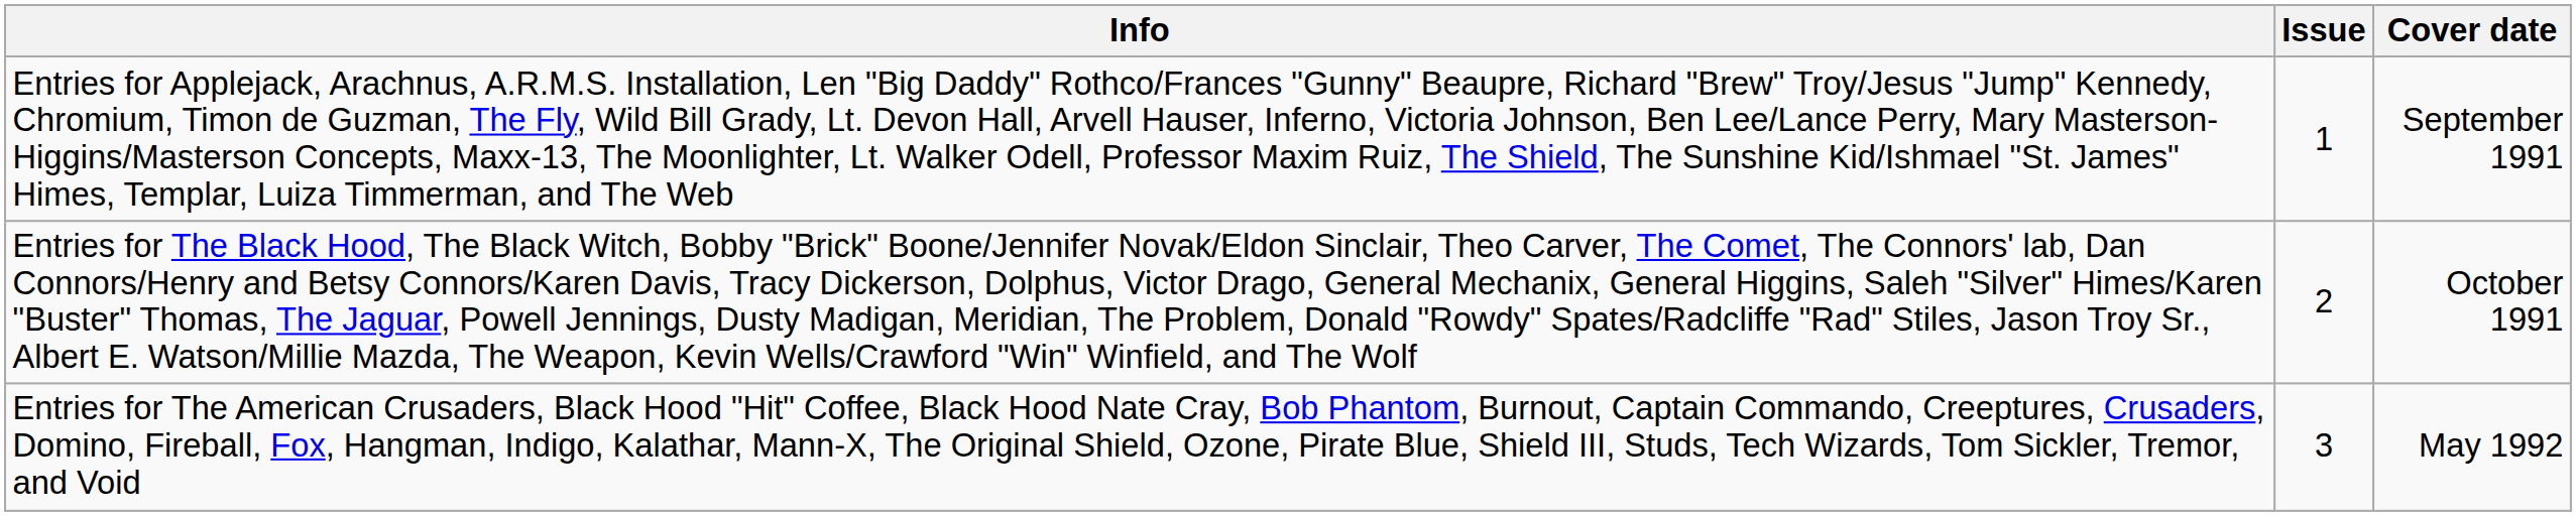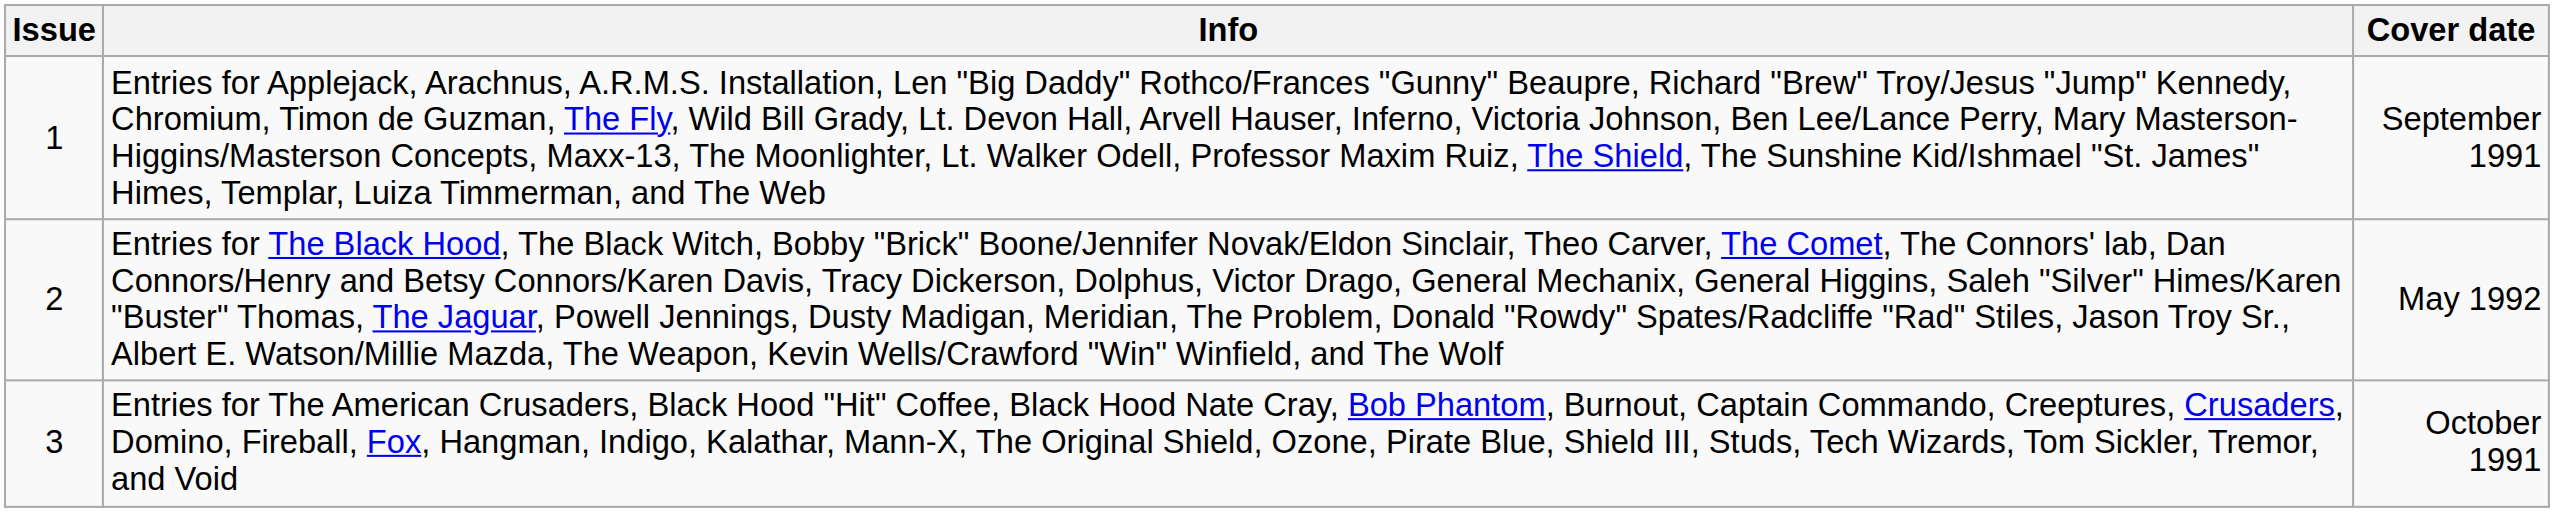 <table class="wikitable">
 <tr>
+<th>Issue</th>
 <th>Info</th>
-<th>Issue</th>
 <th>Cover date</th>
 </tr>
 <tr style="text-align:center;">
+<td>1</td>
 <td align="left">Entries for Applejack, Arachnus, A.R.M.S. Installation, Len "Big Daddy" Rothco/Frances "Gunny" Beaupre, Richard "Brew" Troy/Jesus "Jump" Kennedy, Chromium, Timon de Guzman, <a href='#'>The Fly</a>, Wild Bill Grady, Lt. Devon Hall, Arvell Hauser, Inferno, Victoria Johnson, Ben Lee/Lance Perry, Mary Masterson-Higgins/Masterson Concepts, Maxx-13, The Moonlighter, Lt. Walker Odell, Professor Maxim Ruiz, <a href='#'>The Shield</a>, The Sunshine Kid/Ishmael "St. James" Himes, Templar, Luiza Timmerman, and The Web</td>
-<td>1</td>
 <td align="right">September 1991</td>
 </tr>
 <tr style="text-align:center;">
+<td>2</td>
 <td align="left">Entries for <a href='#'>The Black Hood</a>, The Black Witch, Bobby "Brick" Boone/Jennifer Novak/Eldon Sinclair, Theo Carver, <a href='#'>The Comet</a>, The Connors' lab, Dan Connors/Henry and Betsy Connors/Karen Davis, Tracy Dickerson, Dolphus, Victor Drago, General Mechanix, General Higgins, Saleh "Silver" Himes/Karen "Buster" Thomas, <a href='#'>The Jaguar</a>, Powell Jennings, Dusty Madigan, Meridian, The Problem, Donald "Rowdy" Spates/Radcliffe "Rad" Stiles, Jason Troy Sr., Albert E. Watson/Millie Mazda, The Weapon, Kevin Wells/Crawford "Win" Winfield, and The Wolf</td>
-<td>2</td>
+<td align="right">May 1992</td>
+</tr>
+<tr style="text-align:center;">
+<td>3</td>
+<td align="left">Entries for The American Crusaders, Black Hood "Hit" Coffee, Black Hood Nate Cray, <a href='#'>Bob Phantom</a>, Burnout, Captain Commando, Creeptures, <a href='#'>Crusaders</a>, Domino, Fireball, <a href='#'>Fox</a>, Hangman, Indigo, Kalathar, Mann-X, The Original Shield, Ozone, Pirate Blue, Shield III, Studs, Tech Wizards, Tom Sickler, Tremor, and Void</td>
 <td align="right">October 1991</td>
 </tr>
-<tr style="text-align:center;">
-<td align="left">Entries for The American Crusaders, Black Hood "Hit" Coffee, Black Hood Nate Cray, <a href='#'>Bob Phantom</a>, Burnout, Captain Commando, Creeptures, <a href='#'>Crusaders</a>, Domino, Fireball, <a href='#'>Fox</a>, Hangman, Indigo, Kalathar, Mann-X, The Original Shield, Ozone, Pirate Blue, Shield III, Studs, Tech Wizards, Tom Sickler, Tremor, and Void</td>
-<td>3</td>
-<td align="right">May 1992</td>
-</tr>
 </table>
